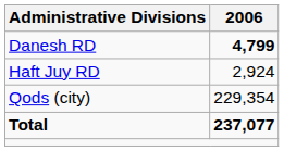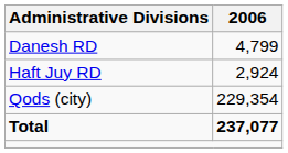 <table class="wikitable">
 <tr>
 <th>Administrative Divisions</th>
 <th>2006</th>
 </tr>
 <tr>
 <td><a href='#'>Danesh RD</a></td>
-<td style="text-align: right;"><strong>4,799</strong></td>
+<td style="text-align: right;">4,799</td>
 </tr>
 <tr>
 <td><a href='#'>Haft Juy RD</a></td>
 <td style="text-align: right;">2,924</td>
 </tr>
 <tr>
 <td><a href='#'>Qods</a> (city)</td>
 <td style="text-align: right;">229,354</td>
 </tr>
 <tr>
 <td><strong>Total</strong></td>
 <td style="text-align: right;"><strong>237,077</strong></td>
 </tr>
 <tr>
 <td colspan=2></td>
 </tr>
 </table>
